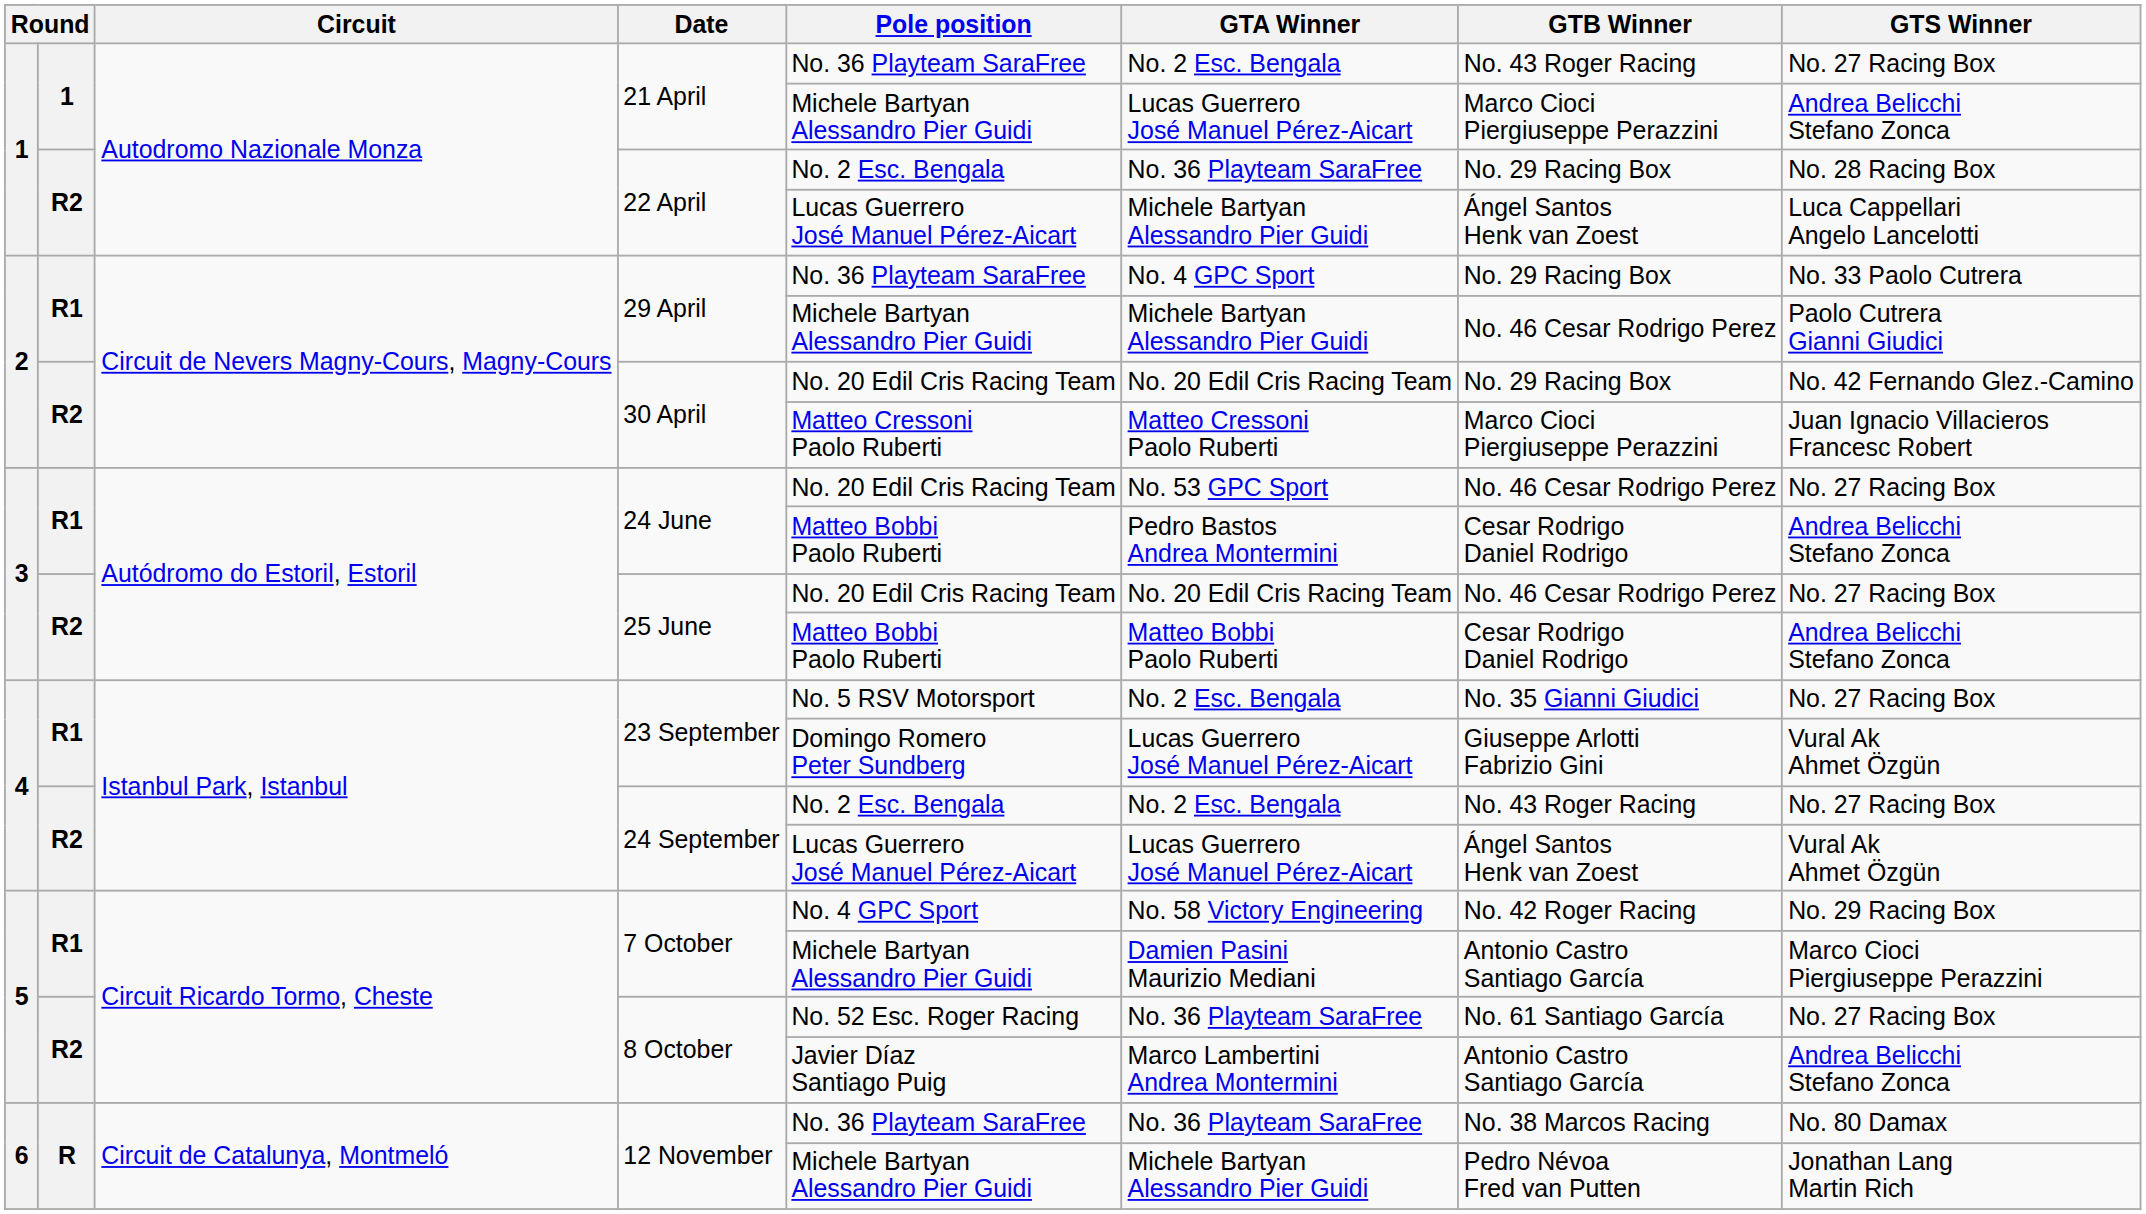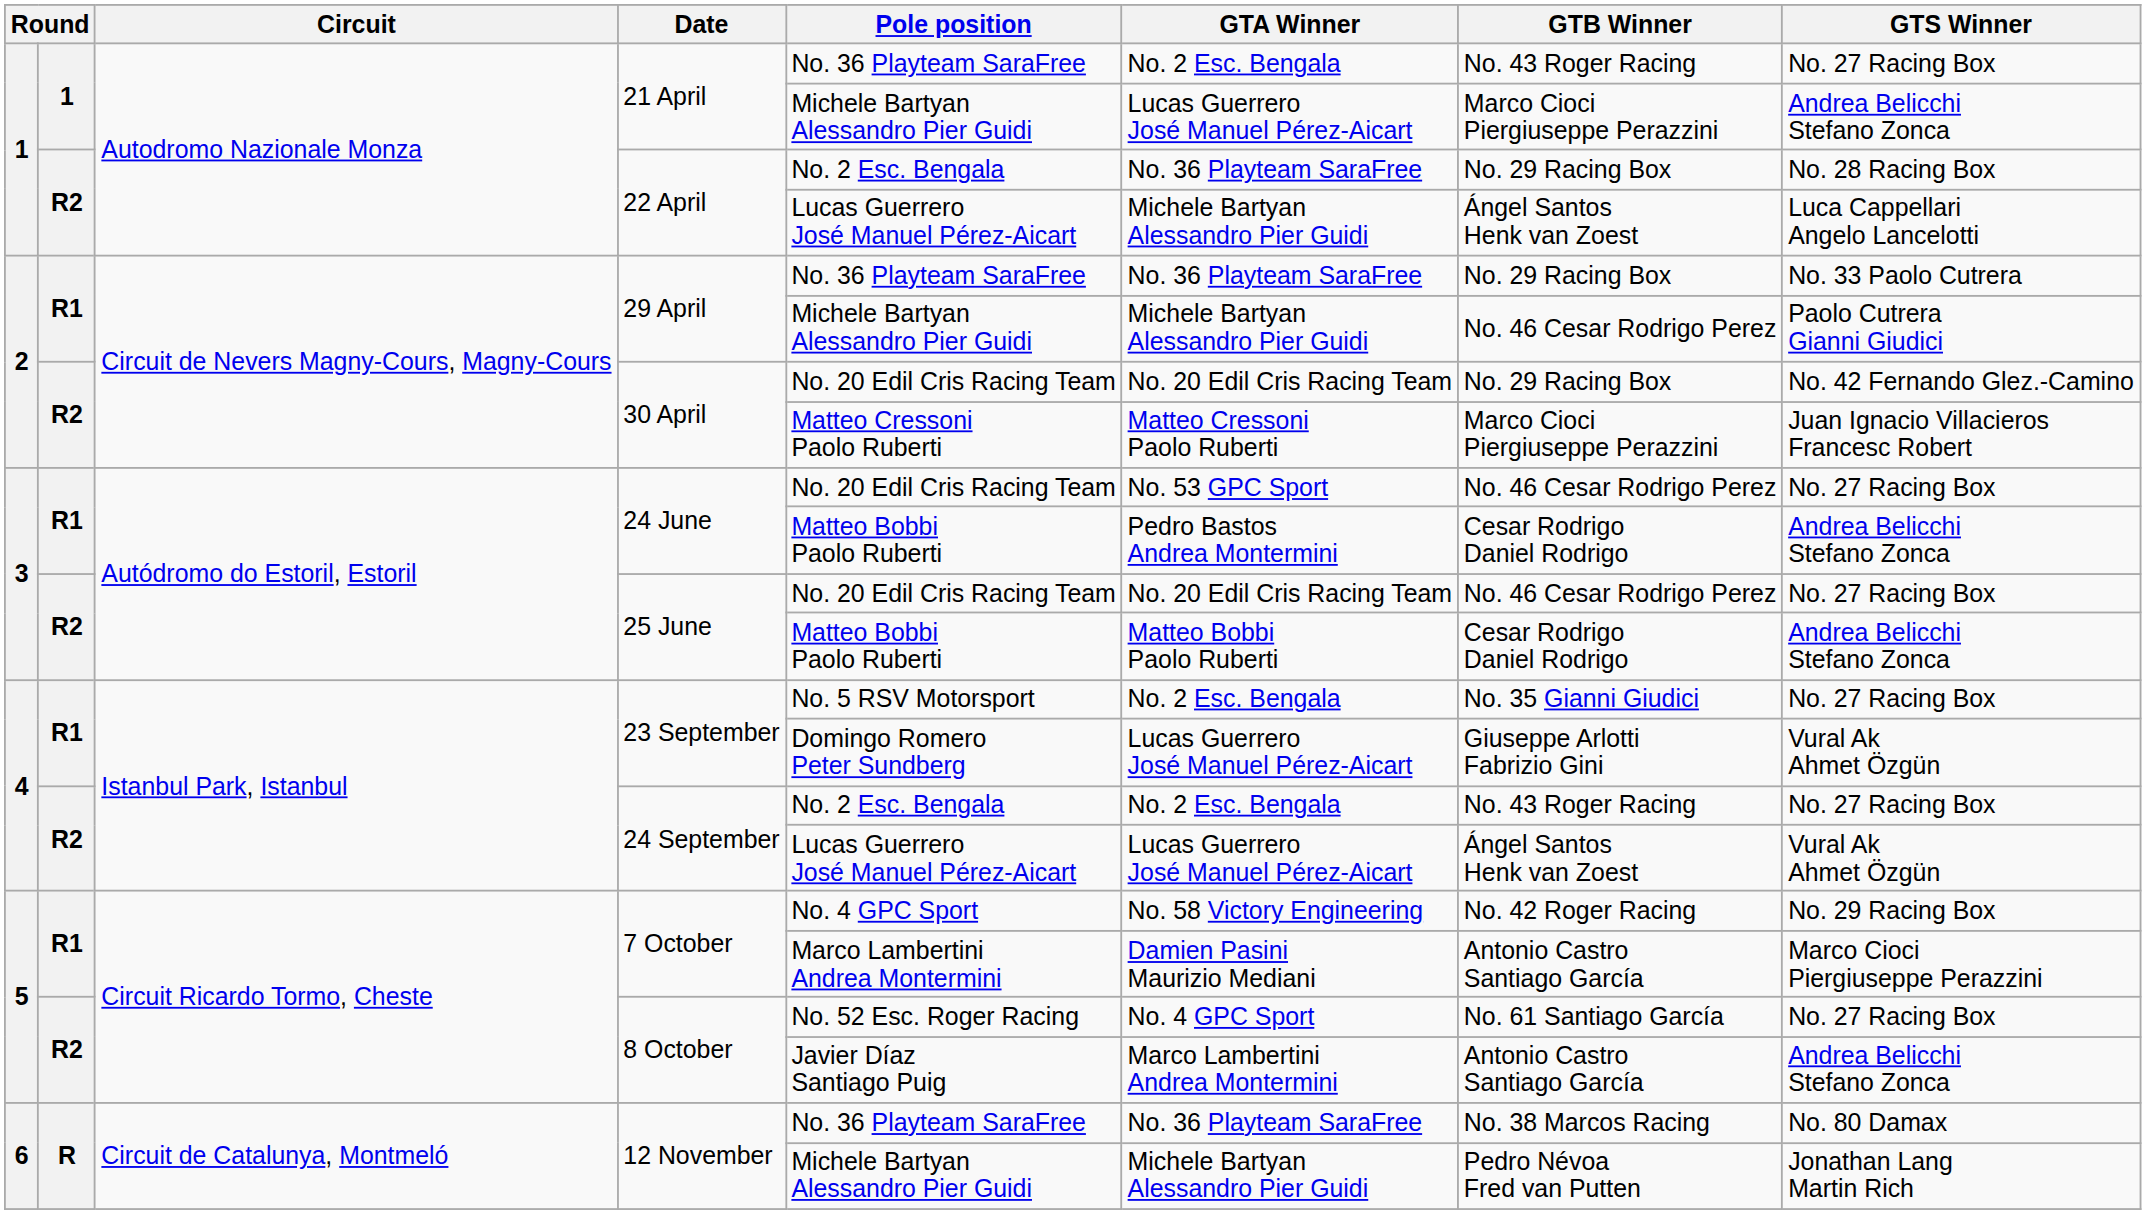 <table class="wikitable" style="font-size: 85%;">
 <tr>
 <th colspan=2>Round</th>
 <th>Circuit</th>
 <th>Date</th>
 <th><a href='#'>Pole position</a></th>
 <th>GTA Winner</th>
 <th>GTB Winner</th>
 <th>GTS Winner</th>
 </tr>
 <tr>
 <th rowspan=4>1</th>
 <th rowspan=2>1</th>
 <td rowspan=4> <a href='#'>Autodromo Nazionale Monza</a></td>
 <td rowspan=2>21 April</td>
 <td> No. 36 <a href='#'>Playteam SaraFree</a></td>
 <td> No. 2 <a href='#'>Esc. Bengala</a></td>
 <td> No. 43 Roger Racing</td>
 <td> No. 27 Racing Box</td>
 </tr>
 <tr>
 <td> Michele Bartyan<br> <a href='#'>Alessandro Pier Guidi</a></td>
 <td> Lucas Guerrero<br> <a href='#'>José Manuel Pérez-Aicart</a></td>
 <td> Marco Cioci<br> Piergiuseppe Perazzini</td>
 <td> <a href='#'>Andrea Belicchi</a><br> Stefano Zonca</td>
 </tr>
 <tr>
 <th rowspan=2>R2</th>
 <td rowspan=2>22 April</td>
 <td> No. 2 <a href='#'>Esc. Bengala</a></td>
 <td> No. 36 <a href='#'>Playteam SaraFree</a></td>
 <td> No. 29 Racing Box</td>
 <td> No. 28 Racing Box</td>
 </tr>
 <tr>
 <td> Lucas Guerrero<br> <a href='#'>José Manuel Pérez-Aicart</a></td>
 <td> Michele Bartyan<br> <a href='#'>Alessandro Pier Guidi</a></td>
 <td> Ángel Santos<br> Henk van Zoest</td>
 <td> Luca Cappellari<br> Angelo Lancelotti</td>
 </tr>
 <tr>
 <th rowspan=4>2</th>
 <th rowspan=2>R1</th>
 <td rowspan=4> <a href='#'>Circuit de Nevers Magny-Cours</a>, <a href='#'>Magny-Cours</a></td>
 <td rowspan=2>29 April</td>
 <td> No. 36 <a href='#'>Playteam SaraFree</a></td>
-<td> No. 4 <a href='#'>GPC Sport</a></td>
+<td> No. 36 <a href='#'>Playteam SaraFree</a></td>
 <td> No. 29 Racing Box</td>
 <td> No. 33 Paolo Cutrera</td>
 </tr>
 <tr>
 <td> Michele Bartyan<br> <a href='#'>Alessandro Pier Guidi</a></td>
 <td> Michele Bartyan<br> <a href='#'>Alessandro Pier Guidi</a></td>
 <td> No. 46 Cesar Rodrigo Perez</td>
 <td> Paolo Cutrera<br> <a href='#'>Gianni Giudici</a></td>
 </tr>
 <tr>
 <th rowspan=2>R2</th>
 <td rowspan=2>30 April</td>
 <td> No. 20 Edil Cris Racing Team</td>
 <td> No. 20 Edil Cris Racing Team</td>
 <td> No. 29 Racing Box</td>
 <td> No. 42 Fernando Glez.-Camino</td>
 </tr>
 <tr>
 <td> <a href='#'>Matteo Cressoni</a><br> Paolo Ruberti</td>
 <td> <a href='#'>Matteo Cressoni</a><br> Paolo Ruberti</td>
 <td> Marco Cioci<br> Piergiuseppe Perazzini</td>
 <td> Juan Ignacio Villacieros<br> Francesc Robert</td>
 </tr>
 <tr>
 <th rowspan=4>3</th>
 <th rowspan=2>R1</th>
 <td rowspan=4> <a href='#'>Autódromo do Estoril</a>, <a href='#'>Estoril</a></td>
 <td rowspan=2>24 June</td>
 <td> No. 20 Edil Cris Racing Team</td>
 <td> No. 53 <a href='#'>GPC Sport</a></td>
 <td> No. 46 Cesar Rodrigo Perez</td>
 <td> No. 27 Racing Box</td>
 </tr>
 <tr>
 <td> <a href='#'>Matteo Bobbi</a><br> Paolo Ruberti</td>
 <td> Pedro Bastos<br> <a href='#'>Andrea Montermini</a></td>
 <td> Cesar Rodrigo<br> Daniel Rodrigo</td>
 <td> <a href='#'>Andrea Belicchi</a><br> Stefano Zonca</td>
 </tr>
 <tr>
 <th rowspan=2>R2</th>
 <td rowspan=2>25 June</td>
 <td> No. 20 Edil Cris Racing Team</td>
 <td> No. 20 Edil Cris Racing Team</td>
 <td> No. 46 Cesar Rodrigo Perez</td>
 <td> No. 27 Racing Box</td>
 </tr>
 <tr>
 <td> <a href='#'>Matteo Bobbi</a><br> Paolo Ruberti</td>
 <td> <a href='#'>Matteo Bobbi</a><br> Paolo Ruberti</td>
 <td> Cesar Rodrigo<br> Daniel Rodrigo</td>
 <td> <a href='#'>Andrea Belicchi</a><br> Stefano Zonca</td>
 </tr>
 <tr>
 <th rowspan=4>4</th>
 <th rowspan=2>R1</th>
 <td rowspan=4> <a href='#'>Istanbul Park</a>, <a href='#'>Istanbul</a></td>
 <td rowspan=2>23 September</td>
 <td> No. 5 RSV Motorsport</td>
 <td> No. 2 <a href='#'>Esc. Bengala</a></td>
 <td> No. 35 <a href='#'>Gianni Giudici</a></td>
 <td> No. 27 Racing Box</td>
 </tr>
 <tr>
 <td> Domingo Romero<br> <a href='#'>Peter Sundberg</a></td>
 <td> Lucas Guerrero<br> <a href='#'>José Manuel Pérez-Aicart</a></td>
 <td> Giuseppe Arlotti<br> Fabrizio Gini</td>
 <td> Vural Ak<br> Ahmet Özgün</td>
 </tr>
 <tr>
 <th rowspan=2>R2</th>
 <td rowspan=2>24 September</td>
 <td> No. 2 <a href='#'>Esc. Bengala</a></td>
 <td> No. 2 <a href='#'>Esc. Bengala</a></td>
 <td> No. 43 Roger Racing</td>
 <td> No. 27 Racing Box</td>
 </tr>
 <tr>
 <td> Lucas Guerrero<br> <a href='#'>José Manuel Pérez-Aicart</a></td>
 <td> Lucas Guerrero<br> <a href='#'>José Manuel Pérez-Aicart</a></td>
 <td> Ángel Santos<br> Henk van Zoest</td>
 <td> Vural Ak<br> Ahmet Özgün</td>
 </tr>
 <tr>
 <th rowspan=4>5</th>
 <th rowspan=2>R1</th>
 <td rowspan=4> <a href='#'>Circuit Ricardo Tormo</a>, <a href='#'>Cheste</a></td>
 <td rowspan=2>7 October</td>
 <td> No. 4 <a href='#'>GPC Sport</a></td>
 <td> No. 58 <a href='#'>Victory Engineering</a></td>
 <td> No. 42 Roger Racing</td>
 <td> No. 29 Racing Box</td>
 </tr>
 <tr>
-<td> Michele Bartyan<br> <a href='#'>Alessandro Pier Guidi</a></td>
+<td> Marco Lambertini<br> <a href='#'>Andrea Montermini</a></td>
 <td> <a href='#'>Damien Pasini</a><br> Maurizio Mediani</td>
 <td> Antonio Castro<br> Santiago García</td>
 <td> Marco Cioci<br> Piergiuseppe Perazzini</td>
 </tr>
 <tr>
 <th rowspan=2>R2</th>
 <td rowspan=2>8 October</td>
 <td> No. 52 Esc. Roger Racing</td>
-<td> No. 36 <a href='#'>Playteam SaraFree</a></td>
+<td> No. 4 <a href='#'>GPC Sport</a></td>
 <td> No. 61 Santiago García</td>
 <td> No. 27 Racing Box</td>
 </tr>
 <tr>
 <td> Javier Díaz<br> Santiago Puig</td>
 <td> Marco Lambertini<br> <a href='#'>Andrea Montermini</a></td>
 <td> Antonio Castro<br> Santiago García</td>
 <td> <a href='#'>Andrea Belicchi</a><br> Stefano Zonca</td>
 </tr>
 <tr>
 <th rowspan=2>6</th>
 <th rowspan=2>R</th>
 <td rowspan=2> <a href='#'>Circuit de Catalunya</a>, <a href='#'>Montmeló</a></td>
 <td rowspan=2>12 November</td>
 <td> No. 36 <a href='#'>Playteam SaraFree</a></td>
 <td> No. 36 <a href='#'>Playteam SaraFree</a></td>
 <td> No. 38 Marcos Racing</td>
 <td> No. 80 Damax</td>
 </tr>
 <tr>
 <td> Michele Bartyan<br> <a href='#'>Alessandro Pier Guidi</a></td>
 <td> Michele Bartyan<br> <a href='#'>Alessandro Pier Guidi</a></td>
 <td> Pedro Névoa <br> Fred van Putten</td>
 <td> Jonathan Lang<br> Martin Rich</td>
 </tr>
 </table>
